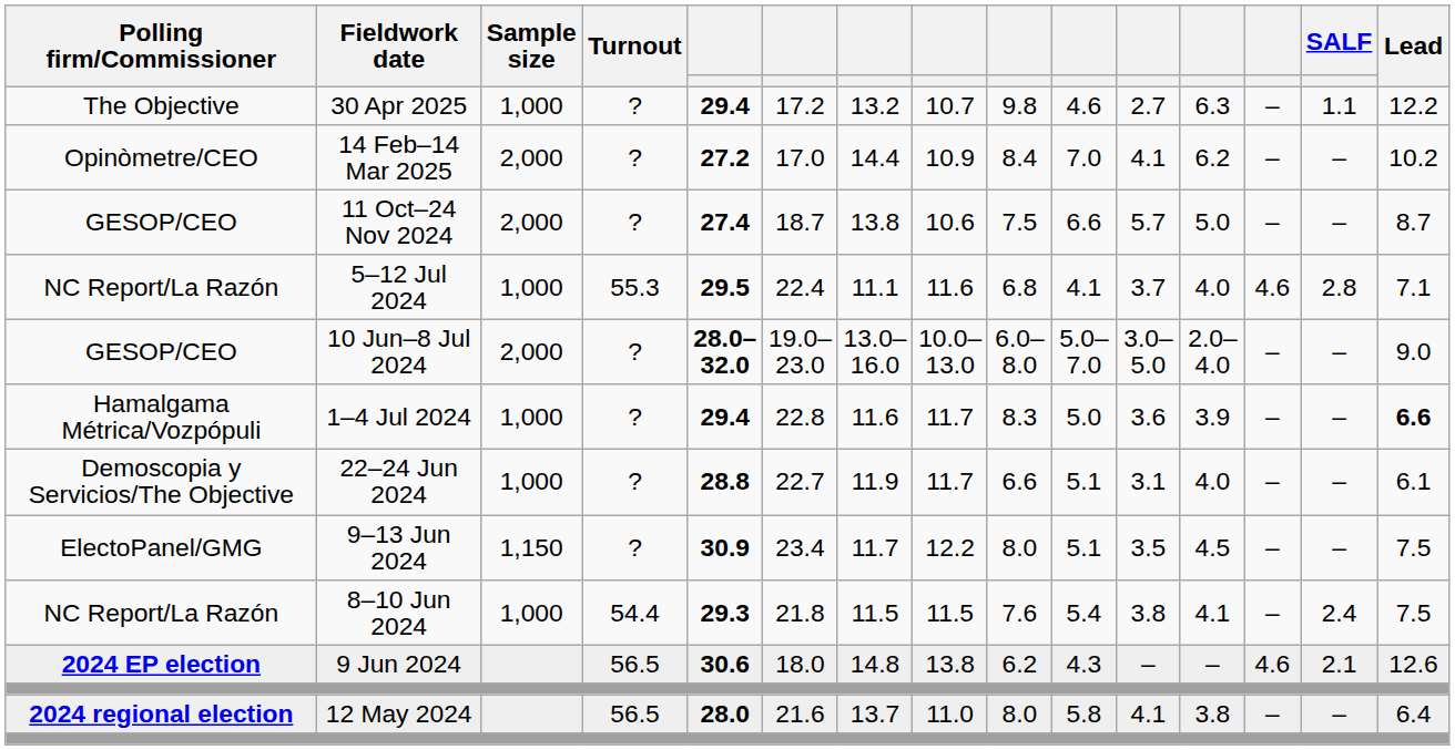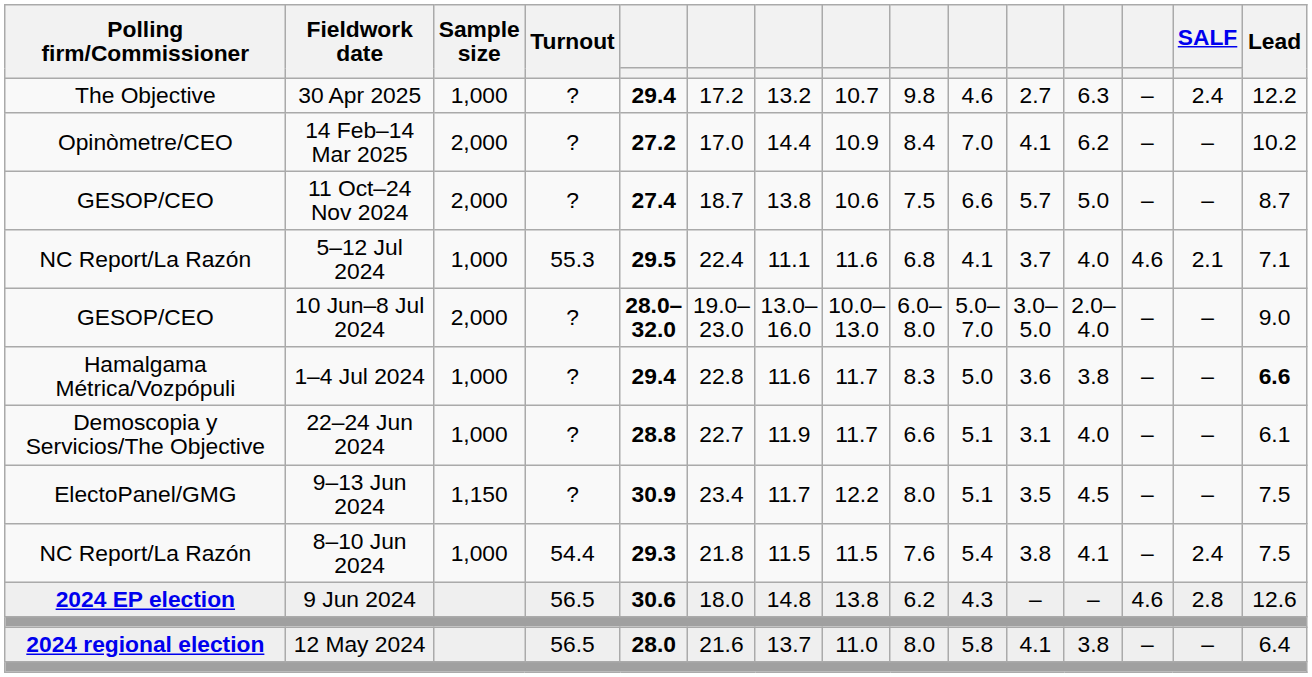 <table class="wikitable collapsible" style="text-align:center; font-size:95%; line-height:16px;">
 <tr style="height:42px;">
 <th style="width:250px;" rowspan="2">Polling firm/Commissioner</th>
 <th style="width:125px;" rowspan="2">Fieldwork date</th>
 <th style="width:50px;" rowspan="2">Sample size</th>
 <th style="width:45px;" rowspan="2">Turnout</th>
 <th style="width:35px;"></th>
 <th style="width:35px;"></th>
 <th style="width:35px;"></th>
 <th style="width:35px;"></th>
 <th style="width:35px;"></th>
 <th style="width:35px;"></th>
 <th style="width:35px;"></th>
 <th style="width:35px;"></th>
 <th style="width:35px;"></th>
 <th style="width:35px;"><a href='#'>SALF</a></th>
 <th rowspan="2" style="width:30px;">Lead</th>
 </tr>
 <tr>
 <th style="color:inherit;background:"></th>
 <th style="color:inherit;background:"></th>
 <th style="color:inherit;background:"></th>
 <th style="color:inherit;background:"></th>
 <th style="color:inherit;background:"></th>
 <th style="color:inherit;background:"></th>
 <th style="color:inherit;background:"></th>
 <th style="color:inherit;background:"></th>
 <th style="color:inherit;background:"></th>
 <th style="color:inherit;background:"></th>
 </tr>
 <tr>
 <td>The Objective</td>
 <td>30 Apr 2025</td>
 <td>1,000</td>
 <td>?</td>
 <td><strong>29.4</strong><br></td>
 <td>17.2<br></td>
 <td>13.2<br></td>
 <td>10.7<br></td>
 <td>9.8<br></td>
 <td>4.6<br></td>
 <td>2.7<br></td>
 <td>6.3<br></td>
 <td>–</td>
-<td>1.1<br></td>
+<td>2.4<br></td>
 <td style="background:">12.2</td>
 </tr>
 <tr>
 <td>Opinòmetre/CEO</td>
 <td>14 Feb–14 Mar 2025</td>
 <td>2,000</td>
 <td>?</td>
 <td><strong>27.2</strong><br></td>
 <td>17.0<br></td>
 <td>14.4<br></td>
 <td>10.9<br></td>
 <td>8.4<br></td>
 <td>7.0<br></td>
 <td>4.1<br></td>
 <td>6.2<br></td>
 <td>–</td>
 <td>–</td>
 <td style="background:">10.2</td>
 </tr>
 <tr>
 <td>GESOP/CEO</td>
 <td>11 Oct–24 Nov 2024</td>
 <td>2,000</td>
 <td>?</td>
 <td><strong>27.4</strong><br></td>
 <td>18.7<br></td>
 <td>13.8<br></td>
 <td>10.6<br></td>
 <td>7.5<br></td>
 <td>6.6<br></td>
 <td>5.7<br></td>
 <td>5.0<br></td>
 <td>–</td>
 <td>–</td>
 <td style="background:">8.7</td>
 </tr>
 <tr>
 <td>NC Report/La Razón</td>
 <td>5–12 Jul 2024</td>
 <td>1,000</td>
 <td>55.3</td>
 <td><strong>29.5</strong><br></td>
 <td>22.4<br></td>
 <td>11.1<br></td>
 <td>11.6<br></td>
 <td>6.8<br></td>
 <td>4.1<br></td>
 <td>3.7<br></td>
 <td>4.0<br></td>
 <td>4.6<br></td>
-<td>2.8<br></td>
+<td>2.1<br></td>
 <td style="background:">7.1</td>
 </tr>
 <tr>
 <td>GESOP/CEO</td>
 <td>10 Jun–8 Jul 2024</td>
 <td>2,000</td>
 <td>?</td>
 <td><strong>28.0–<br>32.0</strong><br></td>
 <td>19.0–<br>23.0<br></td>
 <td>13.0–<br>16.0<br></td>
 <td>10.0–<br>13.0<br></td>
 <td>6.0–<br>8.0<br></td>
 <td>5.0–<br>7.0<br></td>
 <td>3.0–<br>5.0<br></td>
 <td>2.0–<br>4.0<br></td>
 <td>–</td>
 <td>–</td>
 <td style="background:">9.0</td>
 </tr>
 <tr>
 <td>Hamalgama Métrica/Vozpópuli</td>
 <td>1–4 Jul 2024</td>
 <td>1,000</td>
 <td>?</td>
 <td><strong>29.4</strong><br></td>
 <td>22.8<br></td>
 <td>11.6<br></td>
 <td>11.7<br></td>
 <td>8.3<br></td>
 <td>5.0<br></td>
 <td>3.6<br></td>
-<td>3.9<br></td>
+<td>3.8<br></td>
 <td>–</td>
 <td>–</td>
 <td style="background:"><strong>6.6</strong></td>
 </tr>
 <tr>
 <td>Demoscopia y Servicios/The Objective</td>
 <td>22–24 Jun 2024</td>
 <td>1,000</td>
 <td>?</td>
 <td><strong>28.8</strong><br></td>
 <td>22.7<br></td>
 <td>11.9<br></td>
 <td>11.7<br></td>
 <td>6.6<br></td>
 <td>5.1<br></td>
 <td>3.1<br></td>
 <td>4.0<br></td>
 <td>–</td>
 <td>–</td>
 <td style="background:">6.1</td>
 </tr>
 <tr>
 <td>ElectoPanel/GMG</td>
 <td>9–13 Jun 2024</td>
 <td>1,150</td>
 <td>?</td>
 <td><strong>30.9</strong><br></td>
 <td>23.4<br></td>
 <td>11.7<br></td>
 <td>12.2<br></td>
 <td>8.0<br></td>
 <td>5.1<br></td>
 <td>3.5<br></td>
 <td>4.5<br></td>
 <td>–</td>
 <td>–</td>
 <td style="background:">7.5</td>
 </tr>
 <tr>
 <td>NC Report/La Razón</td>
 <td>8–10 Jun 2024</td>
 <td>1,000</td>
 <td>54.4</td>
 <td><strong>29.3</strong><br></td>
 <td>21.8<br></td>
 <td>11.5<br></td>
 <td>11.5<br></td>
 <td>7.6<br></td>
 <td>5.4<br></td>
 <td>3.8<br></td>
 <td>4.1<br></td>
 <td>–</td>
 <td>2.4<br></td>
 <td style="background:">7.5</td>
 </tr>
 <tr style="background:#EFEFEF;">
 <td><strong><a href='#'>2024 EP election</a></strong></td>
 <td>9 Jun 2024</td>
 <td></td>
 <td>56.5</td>
 <td><strong>30.6</strong><br></td>
 <td>18.0<br></td>
 <td>14.8<br></td>
 <td>13.8<br></td>
 <td>6.2<br></td>
 <td>4.3<br></td>
 <td>–</td>
 <td>–</td>
 <td>4.6<br></td>
-<td>2.1<br></td>
+<td>2.8<br></td>
 <td style="background:">12.6</td>
 </tr>
 <tr>
 <td colspan="15" style="background:#A0A0A0"></td>
 </tr>
 <tr style="background:#EFEFEF;">
 <td><strong><a href='#'>2024 regional election</a></strong></td>
 <td>12 May 2024</td>
 <td></td>
 <td>56.5</td>
 <td><strong>28.0</strong><br></td>
 <td>21.6<br></td>
 <td>13.7<br></td>
 <td>11.0<br></td>
 <td>8.0<br></td>
 <td>5.8<br></td>
 <td>4.1<br></td>
 <td>3.8<br></td>
 <td>–</td>
 <td>–</td>
 <td style="background:">6.4</td>
 </tr>
 <tr>
 <td colspan="15" style="background:#A0A0A0"></td>
 </tr>
 </table>
